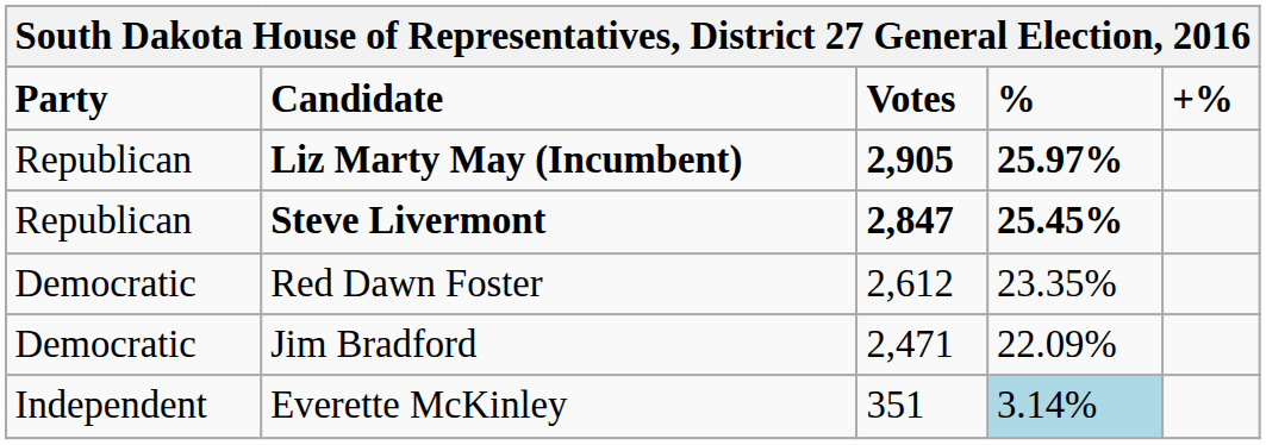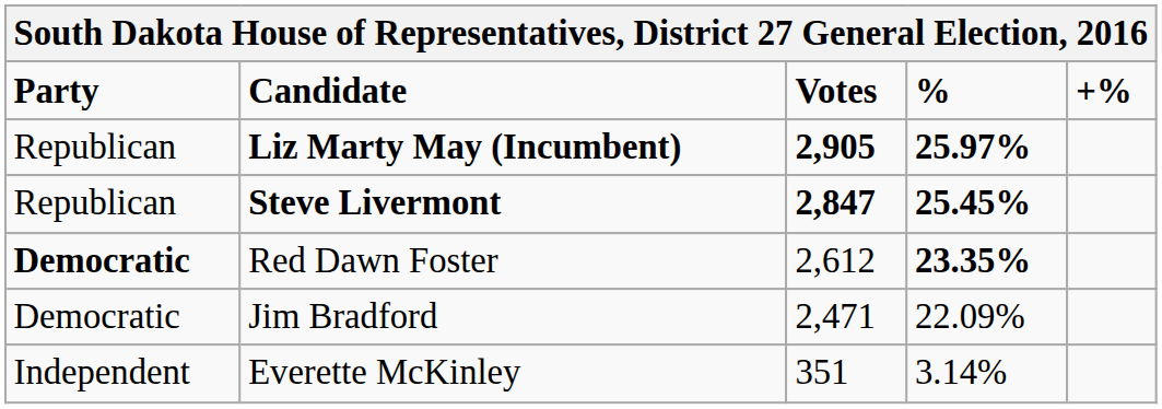 <table class="wikitable">
 <tr>
 <th colspan="5">South Dakota House of Representatives, District 27 General Election, 2016</th>
 </tr>
 <tr>
 <td><strong>Party</strong></td>
 <td><strong>Candidate</strong></td>
 <td><strong>Votes</strong></td>
 <td><strong>%</strong></td>
 <td><strong>+%</strong></td>
 </tr>
 <tr>
 <td>Republican</td>
 <td><strong>Liz Marty May (Incumbent)</strong></td>
 <td><strong>2,905</strong></td>
 <td><strong>25.97%</strong></td>
 <td></td>
 </tr>
 <tr>
 <td>Republican</td>
 <td><strong>Steve Livermont</strong></td>
 <td><strong>2,847</strong></td>
 <td><strong>25.45%</strong></td>
 <td></td>
 </tr>
 <tr>
-<td>Democratic</td>
+<td><strong>Democratic</strong></td>
 <td>Red Dawn Foster</td>
 <td>2,612</td>
-<td>23.35%</td>
+<td><strong>23.35%</strong></td>
 <td></td>
 </tr>
 <tr>
 <td>Democratic</td>
 <td>Jim Bradford</td>
 <td>2,471</td>
 <td>22.09%</td>
 <td></td>
 </tr>
 <tr>
 <td>Independent</td>
 <td>Everette McKinley</td>
 <td>351</td>
-<td style="background: lightblue;">3.14%</td>
+<td>3.14%</td>
 <td></td>
 </tr>
 </table>
